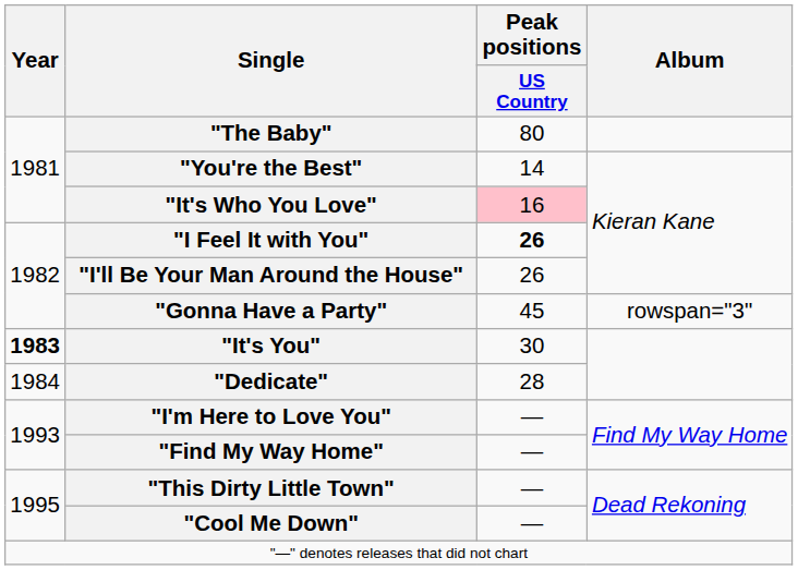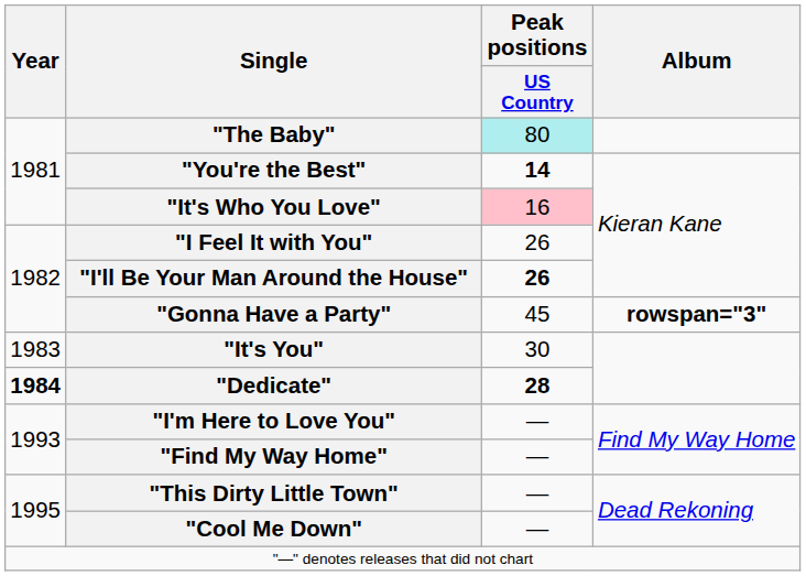 <table class="wikitable plainrowheaders" style="text-align:center;">
 <tr>
 <th rowspan="2">Year</th>
 <th rowspan="2" style="width:18em;">Single</th>
 <th>Peak positions</th>
 <th rowspan="2">Album</th>
 </tr>
 <tr style="font-size:smaller;">
 <th width="65"><a href='#'>US Country</a></th>
 </tr>
 <tr>
 <td rowspan="3">1981</td>
 <th scope="row">"The Baby"</th>
-<td>80</td>
+<td style="background: paleturquoise;">80</td>
 <td></td>
 </tr>
 <tr>
 <th scope="row">"You're the Best"</th>
-<td>14</td>
+<td><strong>14</strong></td>
 <td rowspan="4" align="left"><em>Kieran Kane</em></td>
 </tr>
 <tr>
 <th scope="row">"It's Who You Love"</th>
 <td style="background: pink;">16</td>
 </tr>
 <tr>
 <td rowspan="3">1982</td>
 <th scope="row">"I Feel It with You"</th>
-<td><strong>26</strong></td>
+<td>26</td>
 </tr>
 <tr>
 <th scope="row">"I'll Be Your Man Around the House"</th>
-<td>26</td>
+<td><strong>26</strong></td>
 </tr>
 <tr>
 <th scope="row">"Gonna Have a Party"</th>
 <td>45</td>
-<td>rowspan="3" </td>
+<td><strong>rowspan="3" </strong></td>
 </tr>
 <tr>
-<td><strong>1983</strong></td>
+<td>1983</td>
 <th scope="row">"It's You"</th>
 <td>30</td>
 </tr>
 <tr>
-<td>1984</td>
+<td><strong>1984</strong></td>
 <th scope="row">"Dedicate"</th>
-<td>28</td>
+<td><strong>28</strong></td>
 </tr>
 <tr>
 <td rowspan="2">1993</td>
 <th scope="row">"I'm Here to Love You"</th>
 <td>—</td>
 <td rowspan=2 align="left"><em><a href='#'>Find My Way Home</a></em></td>
 </tr>
 <tr>
 <th scope="row">"Find My Way Home"</th>
 <td>—</td>
 </tr>
 <tr>
 <td rowspan="2">1995</td>
 <th scope="row">"This Dirty Little Town"</th>
 <td>—</td>
 <td rowspan=2 align="left"><em><a href='#'>Dead Rekoning</a></em></td>
 </tr>
 <tr>
 <th scope="row">"Cool Me Down"</th>
 <td>—</td>
 </tr>
 <tr>
 <td colspan="5" style="font-size:8pt">"—" denotes releases that did not chart</td>
 </tr>
 </table>
